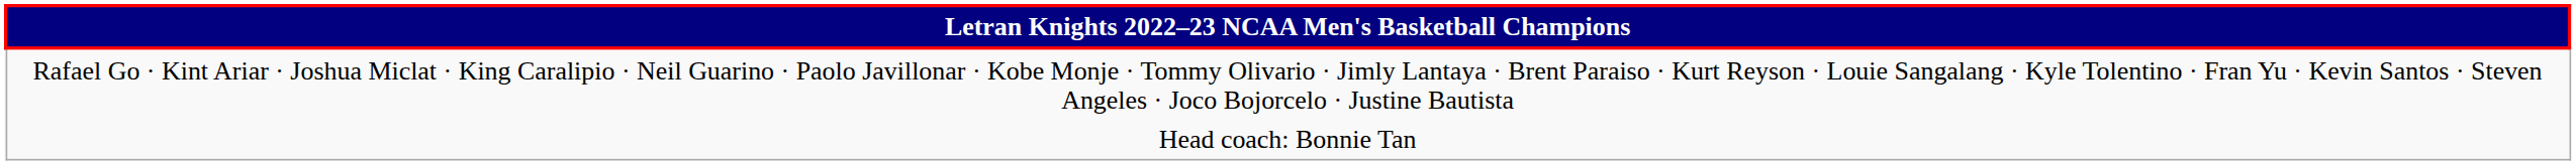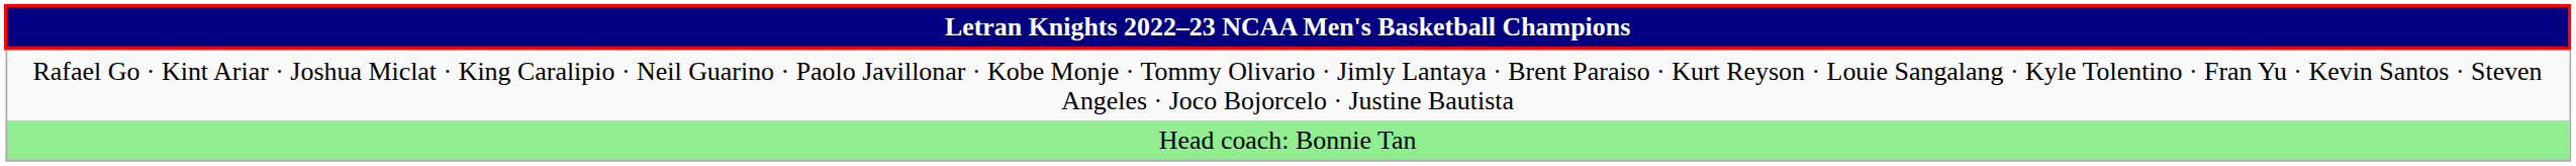 <table class="wikitable" style="text-align: center">
 <tr>
 <th style = "background:#020080; border:2px solid red; color:white">Letran Knights 2022–23 NCAA Men's Basketball Champions</th>
 </tr>
 <tr>
 <td style="border-style: none none none none;">Rafael Go · Kint Ariar · Joshua Miclat · King Caralipio · Neil Guarino · Paolo Javillonar · Kobe Monje · Tommy Olivario · Jimly Lantaya · Brent Paraiso · Kurt Reyson · Louie Sangalang · Kyle Tolentino · Fran Yu · Kevin Santos · Steven Angeles · Joco Bojorcelo · Justine Bautista</td>
 </tr>
 <tr>
-<td style="border-style: none none none none;">Head coach: Bonnie Tan</td>
+<td style="background: lightgreen; border-style: none none none none;">Head coach: Bonnie Tan</td>
 </tr>
 </table>
